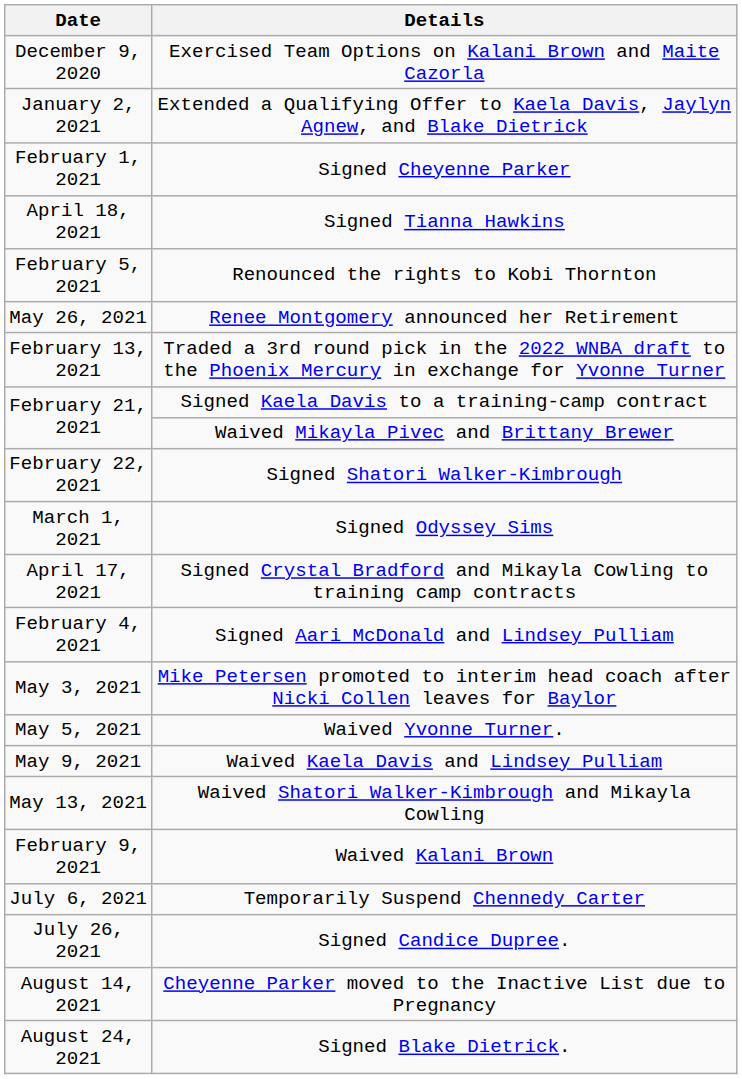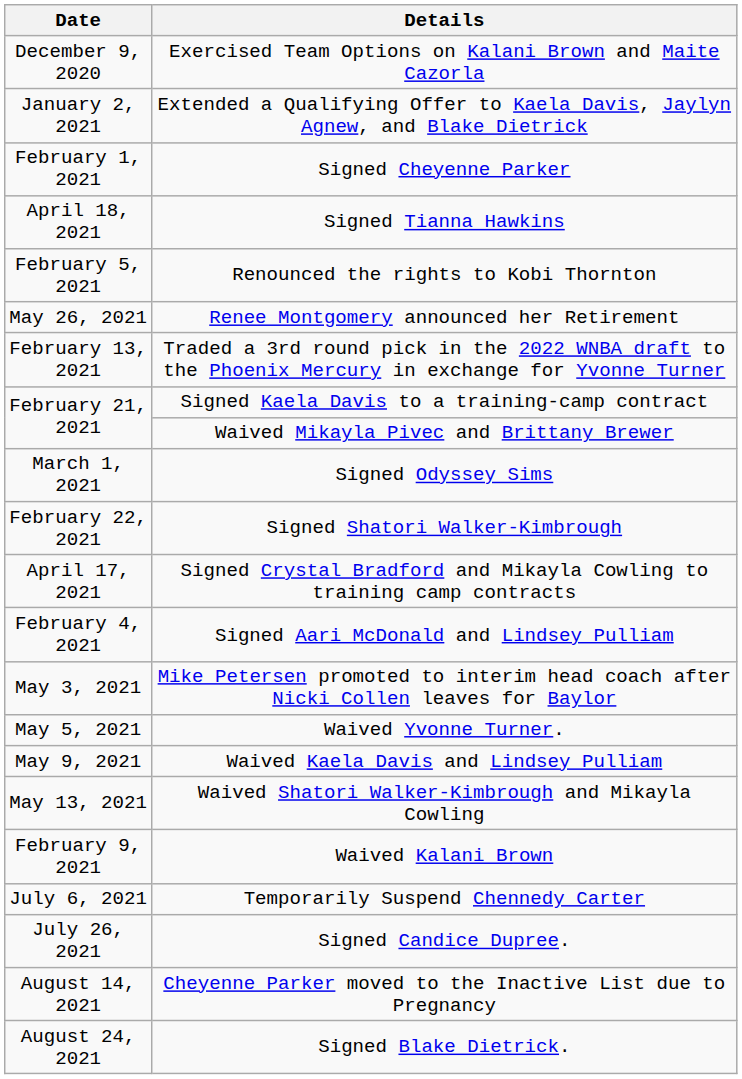 <table class="wikitable" style="width:80%; text-align:center">
 <tr>
 <th>Date</th>
 <th>Details</th>
 </tr>
 <tr>
 <td>December 9, 2020</td>
 <td>Exercised Team Options on <a href='#'>Kalani Brown</a> and <a href='#'>Maite Cazorla</a></td>
 </tr>
 <tr>
 <td>January 2, 2021</td>
 <td>Extended a Qualifying Offer to <a href='#'>Kaela Davis</a>, <a href='#'>Jaylyn Agnew</a>, and <a href='#'>Blake Dietrick</a></td>
 </tr>
 <tr>
 <td>February 1, 2021</td>
 <td>Signed <a href='#'>Cheyenne Parker</a></td>
 </tr>
 <tr>
 <td>April 18, 2021</td>
 <td>Signed <a href='#'>Tianna Hawkins</a></td>
 </tr>
 <tr>
 <td>February 5, 2021</td>
 <td>Renounced the rights to Kobi Thornton</td>
 </tr>
 <tr>
 <td>May 26, 2021</td>
 <td><a href='#'>Renee Montgomery</a> announced her Retirement</td>
 </tr>
 <tr>
 <td>February 13, 2021</td>
 <td>Traded a 3rd round pick in the <a href='#'>2022 WNBA draft</a> to the <a href='#'>Phoenix Mercury</a> in exchange for <a href='#'>Yvonne Turner</a></td>
 </tr>
 <tr>
 <td rowspan=2>February 21, 2021</td>
 <td>Signed <a href='#'>Kaela Davis</a> to a training-camp contract</td>
 </tr>
 <tr>
 <td>Waived <a href='#'>Mikayla Pivec</a> and <a href='#'>Brittany Brewer</a></td>
 </tr>
 <tr>
+<td>March 1, 2021</td>
+<td>Signed <a href='#'>Odyssey Sims</a></td>
+</tr>
+<tr>
 <td>February 22, 2021</td>
 <td>Signed <a href='#'>Shatori Walker-Kimbrough</a></td>
-</tr>
-<tr>
-<td>March 1, 2021</td>
-<td>Signed <a href='#'>Odyssey Sims</a></td>
 </tr>
 <tr>
 <td>April 17, 2021</td>
 <td>Signed <a href='#'>Crystal Bradford</a> and Mikayla Cowling to training camp contracts</td>
 </tr>
 <tr>
 <td>February 4, 2021</td>
 <td>Signed <a href='#'>Aari McDonald</a> and <a href='#'>Lindsey Pulliam</a></td>
 </tr>
 <tr>
 <td>May 3, 2021</td>
 <td><a href='#'>Mike Petersen</a> promoted to interim head coach after <a href='#'>Nicki Collen</a> leaves for <a href='#'>Baylor</a></td>
 </tr>
 <tr>
 <td>May 5, 2021</td>
 <td>Waived <a href='#'>Yvonne Turner</a>.</td>
 </tr>
 <tr>
 <td>May 9, 2021</td>
 <td>Waived <a href='#'>Kaela Davis</a> and <a href='#'>Lindsey Pulliam</a></td>
 </tr>
 <tr>
 <td>May 13, 2021</td>
 <td>Waived <a href='#'>Shatori Walker-Kimbrough</a> and Mikayla Cowling</td>
 </tr>
 <tr>
 <td>February 9, 2021</td>
 <td>Waived <a href='#'>Kalani Brown</a></td>
 </tr>
 <tr>
 <td>July 6, 2021</td>
 <td>Temporarily Suspend <a href='#'>Chennedy Carter</a></td>
 </tr>
 <tr>
 <td>July 26, 2021</td>
 <td>Signed <a href='#'>Candice Dupree</a>.</td>
 </tr>
 <tr>
 <td>August 14, 2021</td>
 <td><a href='#'>Cheyenne Parker</a> moved to the Inactive List due to Pregnancy</td>
 </tr>
 <tr>
 <td>August 24, 2021</td>
 <td>Signed <a href='#'>Blake Dietrick</a>.</td>
 </tr>
 </table>
